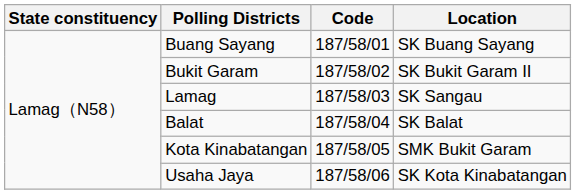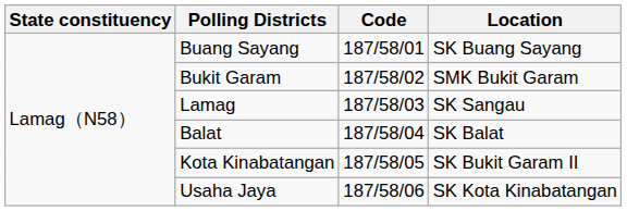 <table class="wikitable sortable mw-collapsible" style="white-space:nowrap;font-size:85%">
 <tr>
 <th>State constituency</th>
 <th>Polling Districts</th>
 <th>Code</th>
 <th>Location</th>
 </tr>
 <tr>
 <td rowspan="6">Lamag（N58）</td>
 <td>Buang Sayang</td>
 <td>187/58/01</td>
 <td>SK Buang Sayang</td>
 </tr>
 <tr>
 <td>Bukit Garam</td>
 <td>187/58/02</td>
-<td>SK Bukit Garam II</td>
+<td>SMK Bukit Garam</td>
 </tr>
 <tr>
 <td>Lamag</td>
 <td>187/58/03</td>
 <td>SK Sangau</td>
 </tr>
 <tr>
 <td>Balat</td>
 <td>187/58/04</td>
 <td>SK Balat</td>
 </tr>
 <tr>
 <td>Kota Kinabatangan</td>
 <td>187/58/05</td>
-<td>SMK Bukit Garam</td>
+<td>SK Bukit Garam II</td>
 </tr>
 <tr>
 <td>Usaha Jaya</td>
 <td>187/58/06</td>
 <td>SK Kota Kinabatangan</td>
 </tr>
 </table>
